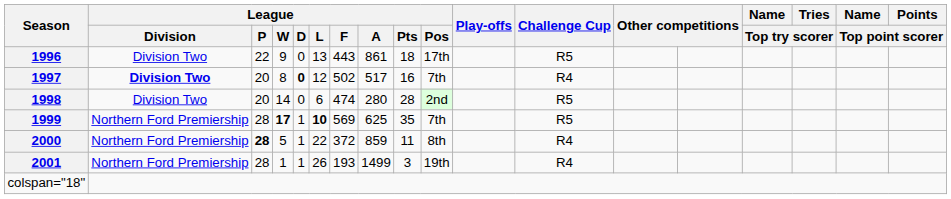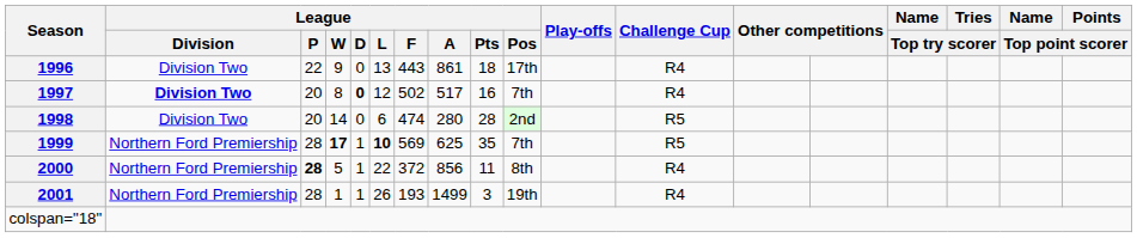 <table class="wikitable" style="text-align: center">
 <tr>
 <th rowspan="2" scope="col">Season</th>
 <th colspan="9" scope="col">League</th>
 <th rowspan="2" scope="col"><a href='#'>Play-offs</a></th>
 <th rowspan="2" scope="col"><a href='#'>Challenge Cup</a></th>
 <th colspan="2" rowspan="2" scope="col">Other competitions</th>
 <th scope="col">Name</th>
 <th scope="col">Tries</th>
 <th scope="col">Name</th>
 <th scope="col">Points</th>
 </tr>
 <tr>
 <th scope="col">Division</th>
 <th scope="col">P</th>
 <th scope="col">W</th>
 <th scope="col">D</th>
 <th scope="col">L</th>
 <th scope="col">F</th>
 <th scope="col">A</th>
 <th scope="col">Pts</th>
 <th scope="col">Pos</th>
 <th colspan="2" scope="col">Top try scorer</th>
 <th colspan="2" scope="col">Top point scorer</th>
 </tr>
 <tr>
 <th scope="row"><a href='#'>1996</a></th>
 <td><a href='#'>Division Two</a></td>
 <td>22</td>
 <td>9</td>
 <td>0</td>
 <td>13</td>
 <td>443</td>
 <td>861</td>
 <td>18</td>
 <td>17th</td>
 <td></td>
-<td>R5</td>
+<td>R4</td>
 <td></td>
 <td></td>
 <td></td>
 <td></td>
 <td></td>
 <td></td>
 </tr>
 <tr>
 <th scope="row"><a href='#'>1997</a></th>
 <td><strong><a href='#'>Division Two</a></strong></td>
 <td>20</td>
 <td>8</td>
 <td><strong>0</strong></td>
 <td>12</td>
 <td>502</td>
 <td>517</td>
 <td>16</td>
 <td>7th</td>
 <td></td>
 <td>R4</td>
 <td></td>
 <td></td>
 <td></td>
 <td></td>
 <td></td>
 <td></td>
 </tr>
 <tr>
 <th scope="row"><a href='#'>1998</a></th>
 <td><a href='#'>Division Two</a></td>
 <td>20</td>
 <td>14</td>
 <td>0</td>
 <td>6</td>
 <td>474</td>
 <td>280</td>
 <td>28</td>
 <td style="background:#ddffdd;">2nd</td>
 <td></td>
 <td>R5</td>
 <td></td>
 <td></td>
 <td></td>
 <td></td>
 <td></td>
 <td></td>
 </tr>
 <tr>
 <th scope="row"><a href='#'>1999</a></th>
 <td><a href='#'>Northern Ford Premiership</a></td>
 <td>28</td>
 <td><strong>17</strong></td>
 <td>1</td>
 <td><strong>10</strong></td>
 <td>569</td>
 <td>625</td>
 <td>35</td>
 <td>7th</td>
 <td></td>
 <td>R5</td>
 <td></td>
 <td></td>
 <td></td>
 <td></td>
 <td></td>
 <td></td>
 </tr>
 <tr>
 <th scope="row"><a href='#'>2000</a></th>
 <td><a href='#'>Northern Ford Premiership</a></td>
 <td><strong>28</strong></td>
 <td>5</td>
 <td>1</td>
 <td>22</td>
 <td>372</td>
-<td>859</td>
+<td>856</td>
 <td>11</td>
 <td>8th</td>
 <td></td>
 <td>R4</td>
 <td></td>
 <td></td>
 <td></td>
 <td></td>
 <td></td>
 <td></td>
 </tr>
 <tr>
 <th scope="row"><a href='#'>2001</a></th>
 <td><a href='#'>Northern Ford Premiership</a></td>
 <td>28</td>
 <td>1</td>
 <td>1</td>
 <td>26</td>
 <td>193</td>
 <td>1499</td>
 <td>3</td>
 <td>19th</td>
 <td></td>
 <td>R4</td>
 <td></td>
 <td></td>
 <td></td>
 <td></td>
 <td></td>
 <td></td>
 </tr>
 <tr>
 <td>colspan="18"</td>
 </tr>
 </table>
